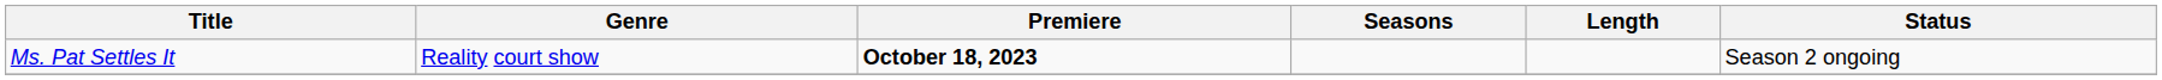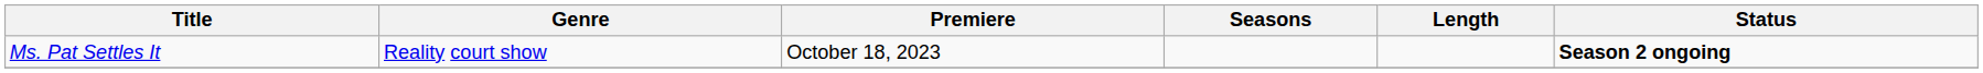 <table class="wikitable sortable" style="width:100%;">
 <tr>
 <th>Title</th>
 <th>Genre</th>
 <th>Premiere</th>
 <th>Seasons</th>
 <th>Length</th>
 <th>Status</th>
 </tr>
 <tr>
 <td><em><a href='#'>Ms. Pat Settles It</a></em></td>
 <td><a href='#'>Reality</a> <a href='#'>court show</a></td>
-<td><strong>October 18, 2023</strong></td>
+<td>October 18, 2023</td>
 <td></td>
 <td></td>
-<td>Season 2 ongoing</td>
+<td><strong>Season 2 ongoing</strong></td>
 </tr>
 <tr>
 </tr>
 </table>
